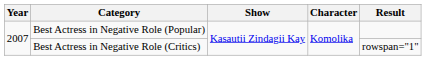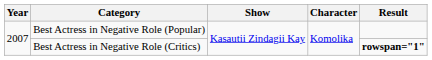 <table class="wikitable sortable">
 <tr>
 <th>Year</th>
 <th>Category</th>
 <th>Show</th>
 <th>Character</th>
 <th>Result</th>
 </tr>
 <tr>
 <td rowspan="2">2007</td>
 <td>Best Actress in Negative Role (Popular)</td>
 <td rowspan="2"><a href='#'>Kasautii Zindagii Kay</a></td>
 <td rowspan="2"><a href='#'>Komolika</a></td>
 <td></td>
 </tr>
 <tr>
 <td>Best Actress in Negative Role (Critics)</td>
-<td>rowspan="1" </td>
+<td><strong>rowspan="1" </strong></td>
 </tr>
 </table>
